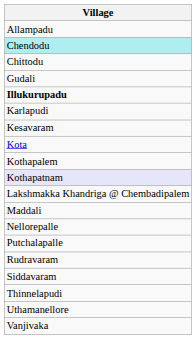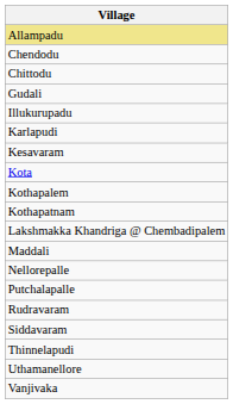 <table class="wikitable sortable static-row-numbers static-row-header-hash">
 <tr>
 <th>Village</th>
 </tr>
 <tr>
-<td>Allampadu</td>
+<td style="background: khaki;">Allampadu</td>
 </tr>
 <tr>
-<td style="background: paleturquoise;">Chendodu</td>
+<td>Chendodu</td>
 </tr>
 <tr>
 <td>Chittodu</td>
 </tr>
 <tr>
 <td>Gudali</td>
 </tr>
 <tr>
-<td><strong>Illukurupadu</strong></td>
+<td>Illukurupadu</td>
 </tr>
 <tr>
 <td>Karlapudi</td>
 </tr>
 <tr>
 <td>Kesavaram</td>
 </tr>
 <tr>
 <td><a href='#'>Kota</a></td>
 </tr>
 <tr>
 <td>Kothapalem</td>
 </tr>
 <tr>
-<td style="background: lavender;">Kothapatnam</td>
+<td>Kothapatnam</td>
 </tr>
 <tr>
 <td>Lakshmakka Khandriga @ Chembadipalem</td>
 </tr>
 <tr>
 <td>Maddali</td>
 </tr>
 <tr>
 <td>Nellorepalle</td>
 </tr>
 <tr>
 <td>Putchalapalle</td>
 </tr>
 <tr>
 <td>Rudravaram</td>
 </tr>
 <tr>
 <td>Siddavaram</td>
 </tr>
 <tr>
 <td>Thinnelapudi</td>
 </tr>
 <tr>
 <td>Uthamanellore</td>
 </tr>
 <tr>
 <td>Vanjivaka</td>
 </tr>
 </table>
